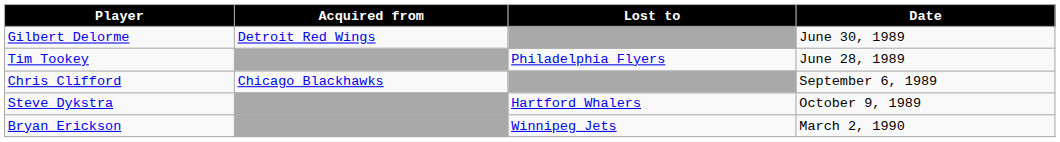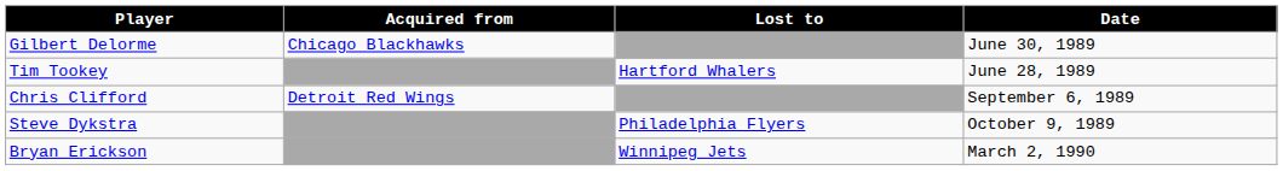 <table class="wikitable" style="width:80%;">
 <tr style="text-align:center; background:#ddd;">
 <th style="color:white; background:#000000; ">Player</th>
 <th style="color:white; background:#000000; ">Acquired from</th>
 <th style="color:white; background:#000000; ">Lost to</th>
 <th style="color:white; background:#000000; ">Date</th>
 </tr>
 <tr>
 <td><a href='#'>Gilbert Delorme</a></td>
-<td><a href='#'>Detroit Red Wings</a></td>
+<td><a href='#'>Chicago Blackhawks</a></td>
 <td style="background:darkgrey;"></td>
 <td>June 30, 1989</td>
 </tr>
 <tr>
 <td><a href='#'>Tim Tookey</a></td>
 <td style="background:darkgrey;"></td>
-<td><a href='#'>Philadelphia Flyers</a></td>
+<td><a href='#'>Hartford Whalers</a></td>
 <td>June 28, 1989</td>
 </tr>
 <tr>
 <td><a href='#'>Chris Clifford</a></td>
-<td><a href='#'>Chicago Blackhawks</a></td>
+<td><a href='#'>Detroit Red Wings</a></td>
 <td style="background:darkgrey;"></td>
 <td>September 6, 1989</td>
 </tr>
 <tr>
 <td><a href='#'>Steve Dykstra</a></td>
 <td style="background:darkgrey;"></td>
-<td><a href='#'>Hartford Whalers</a></td>
+<td><a href='#'>Philadelphia Flyers</a></td>
 <td>October 9, 1989</td>
 </tr>
 <tr>
 <td><a href='#'>Bryan Erickson</a></td>
 <td style="background:darkgrey;"></td>
 <td><a href='#'>Winnipeg Jets</a></td>
 <td>March 2, 1990</td>
 </tr>
 </table>
